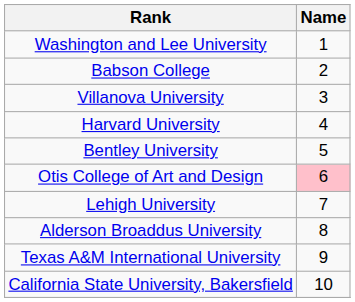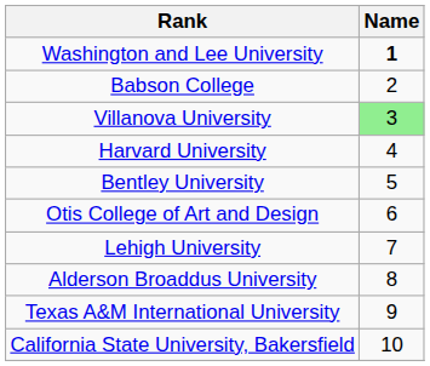 <table class="wikitable">
 <tr>
 <th>Rank </th>
 <th>Name</th>
 </tr>
 <tr>
 <td align="center"><a href='#'>Washington and Lee University</a></td>
-<td align="center">1</td>
+<td align="center"><strong>1</strong></td>
 </tr>
 <tr>
 <td align="center"><a href='#'>Babson College</a></td>
 <td align="center">2</td>
 </tr>
 <tr>
 <td align="center"><a href='#'>Villanova University</a></td>
-<td align="center">3</td>
+<td align="center" style="background: lightgreen;">3</td>
 </tr>
 <tr>
 <td align="center"><a href='#'>Harvard University</a></td>
 <td align="center">4</td>
 </tr>
 <tr>
 <td align="center"><a href='#'>Bentley University</a></td>
 <td align="center">5</td>
 </tr>
 <tr>
 <td align="center"><a href='#'>Otis College of Art and Design</a></td>
-<td align="center" style="background: pink;">6</td>
+<td align="center">6</td>
 </tr>
 <tr>
 <td align="center"><a href='#'>Lehigh University</a></td>
 <td align="center">7</td>
 </tr>
 <tr>
 <td align="center"><a href='#'>Alderson Broaddus University</a></td>
 <td align="center">8</td>
 </tr>
 <tr>
 <td align="center"><a href='#'>Texas A&M International University</a></td>
 <td align="center">9</td>
 </tr>
 <tr>
 <td align="center"><a href='#'>California State University, Bakersfield</a></td>
 <td align="center">10</td>
 </tr>
 <tr>
 </tr>
 </table>
